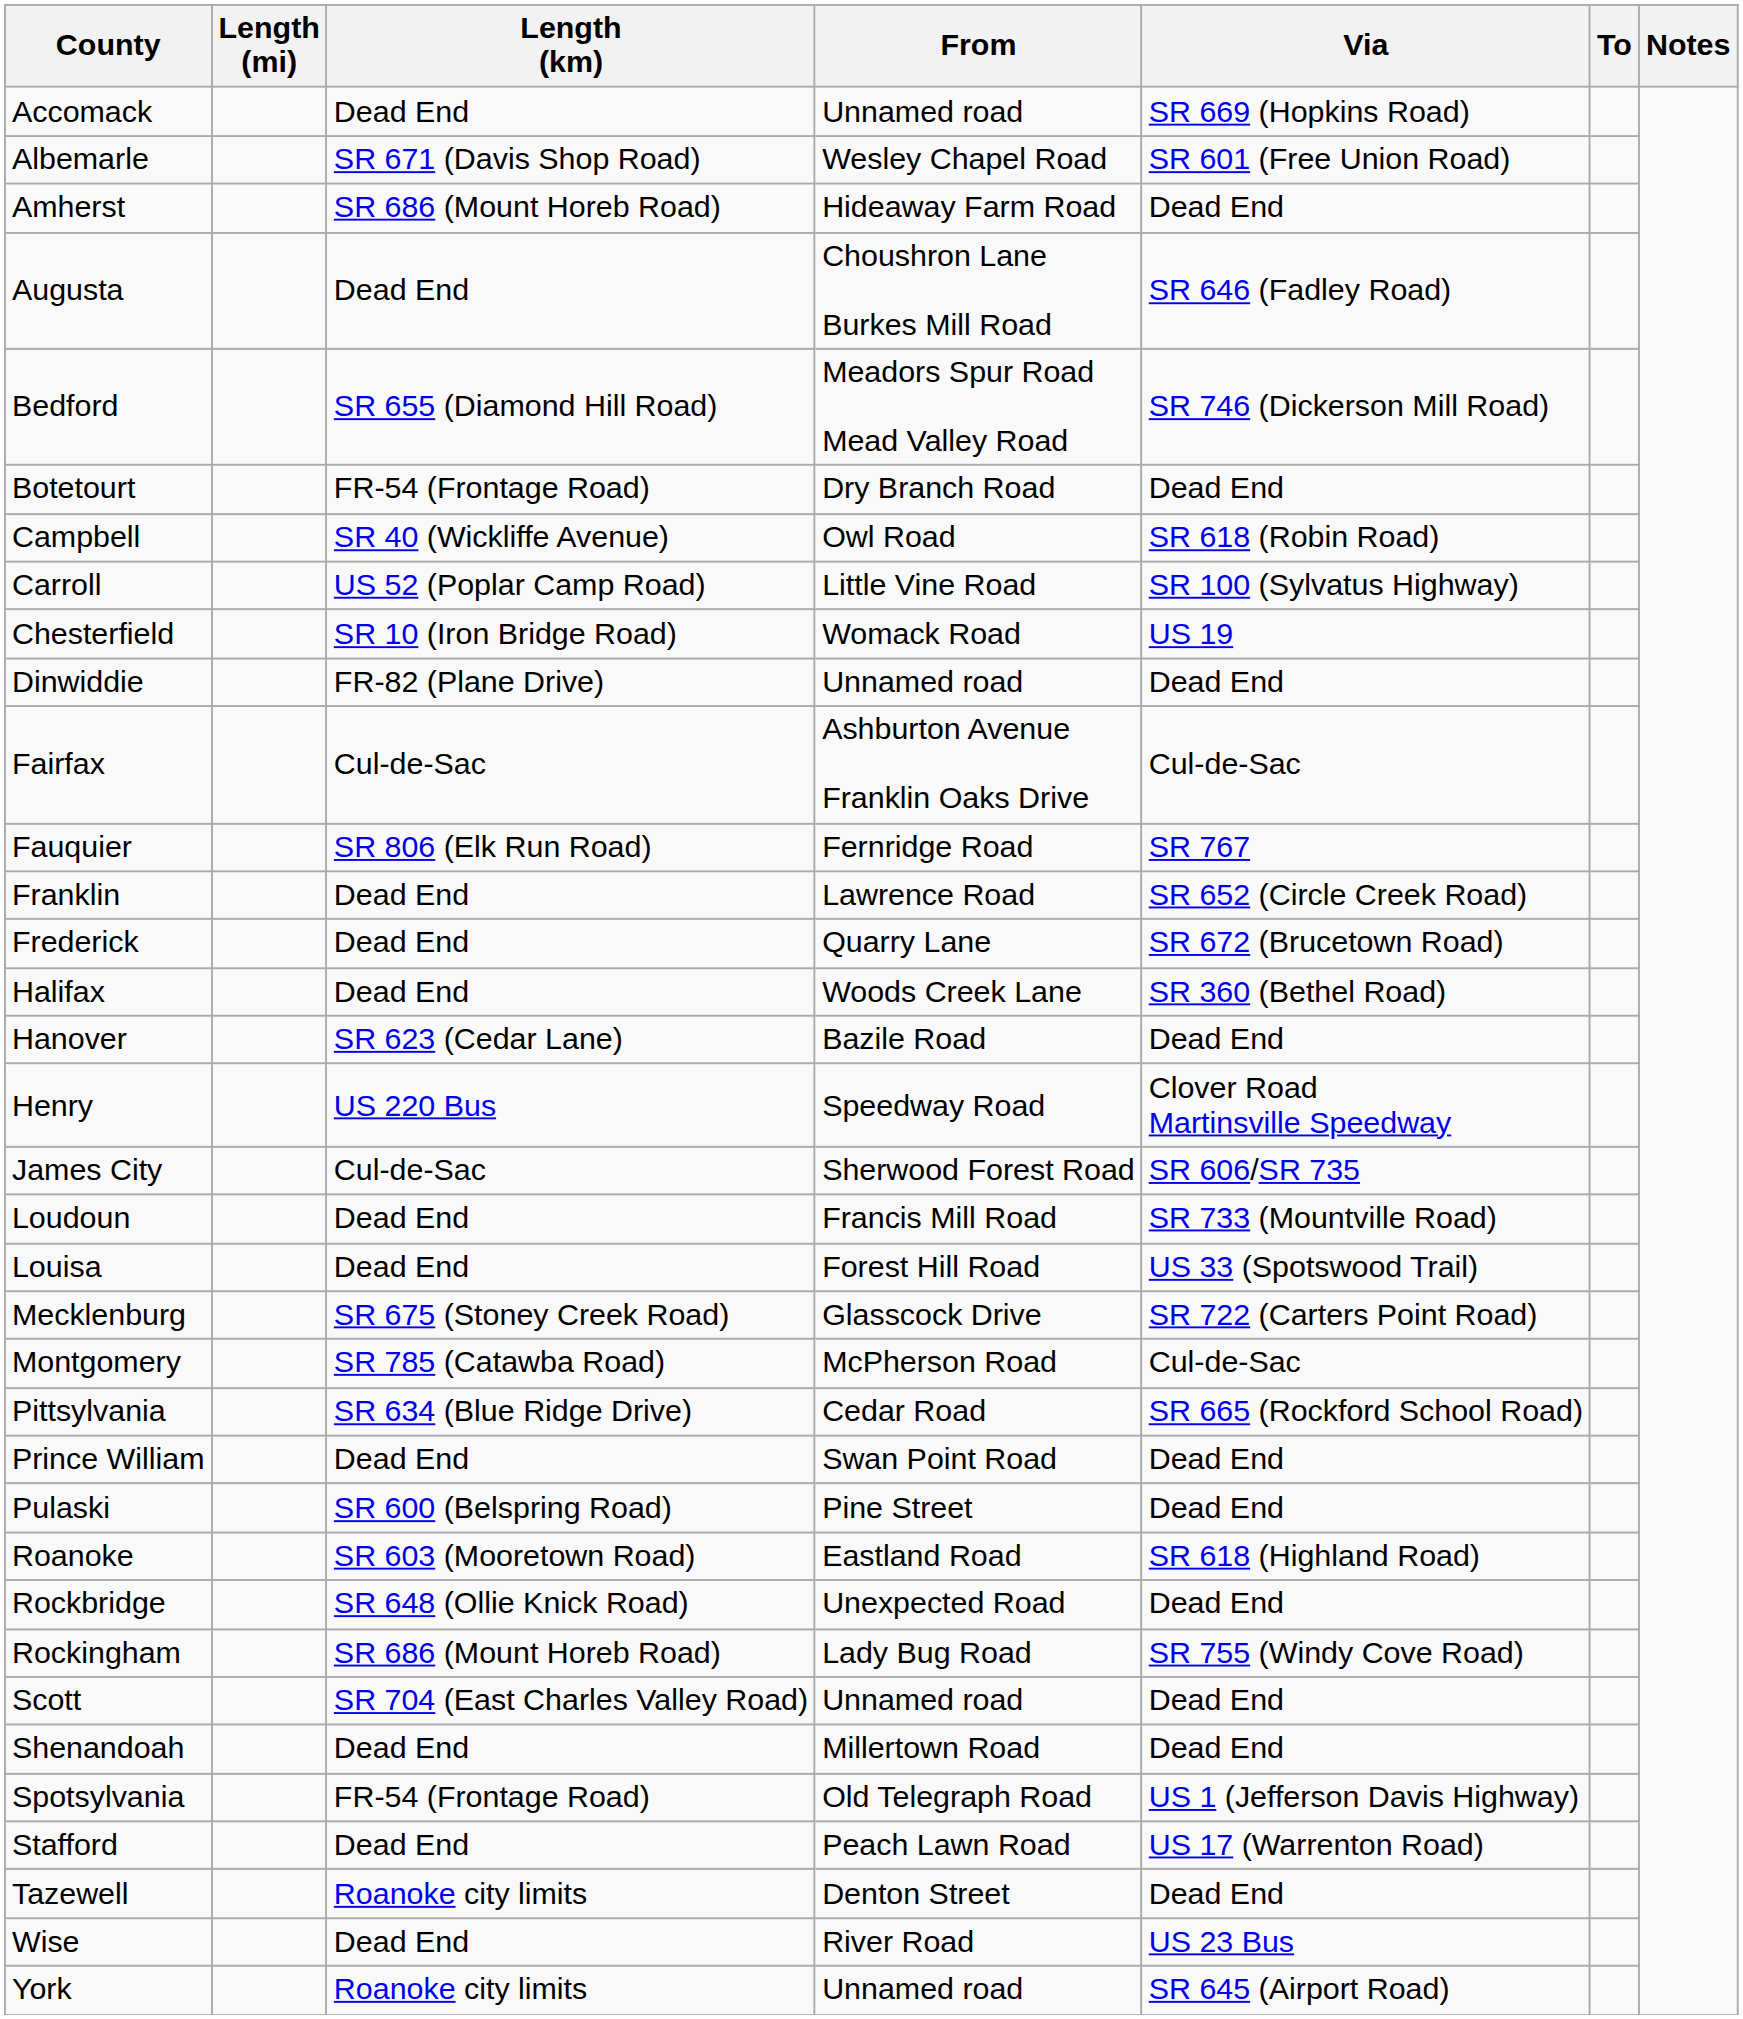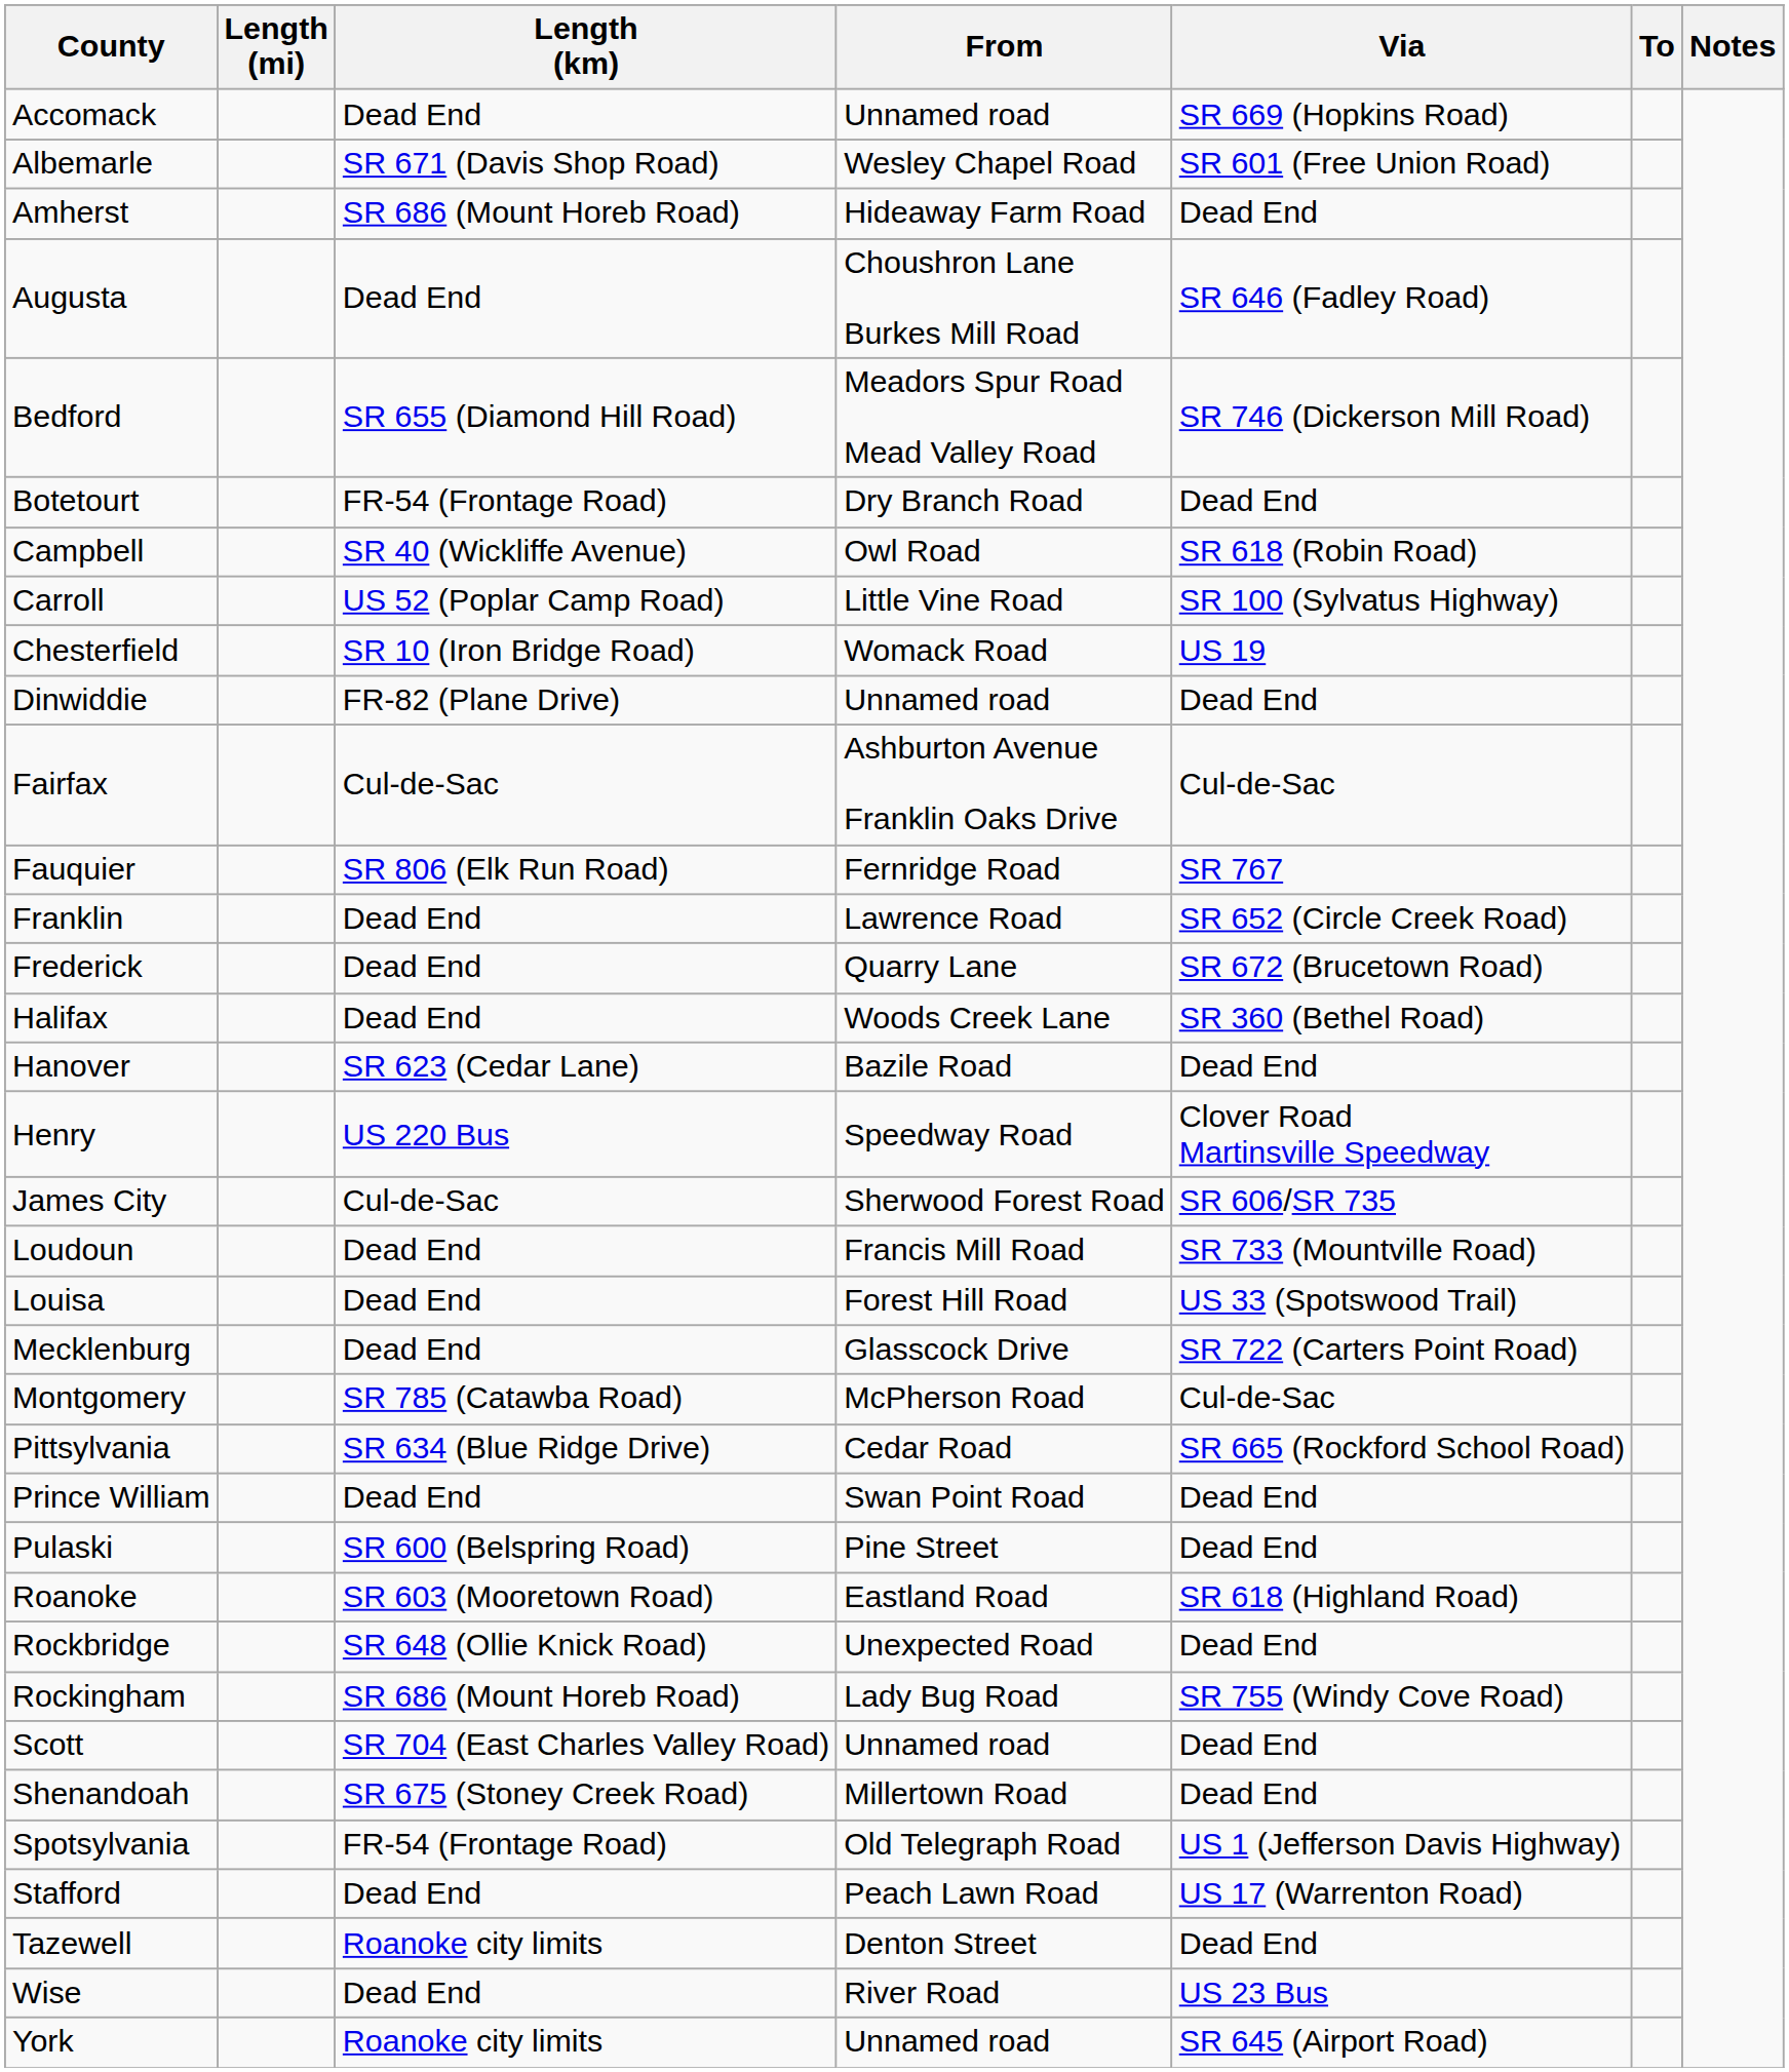 <table class="wikitable sortable">
 <tr>
 <th>County</th>
 <th>Length<br>(mi)</th>
 <th>Length<br>(km)</th>
 <th class="unsortable">From</th>
 <th class="unsortable">Via</th>
 <th class="unsortable">To</th>
 <th class="unsortable">Notes</th>
 </tr>
 <tr>
 <td id="Accomack">Accomack</td>
 <td></td>
 <td>Dead End</td>
 <td>Unnamed road</td>
 <td><a href='#'>SR 669</a> (Hopkins Road)</td>
 <td></td>
 </tr>
 <tr>
 <td id="Albemarle">Albemarle</td>
 <td></td>
 <td><a href='#'>SR 671</a> (Davis Shop Road)</td>
 <td>Wesley Chapel Road</td>
 <td><a href='#'>SR 601</a> (Free Union Road)</td>
 <td><br> </td>
 </tr>
 <tr>
 <td id="Amherst">Amherst</td>
 <td></td>
 <td><a href='#'>SR 686</a> (Mount Horeb Road)</td>
 <td>Hideaway Farm Road</td>
 <td>Dead End</td>
 <td><br> </td>
 </tr>
 <tr>
 <td id="Augusta">Augusta</td>
 <td></td>
 <td>Dead End</td>
 <td>Choushron Lane<br><br>Burkes Mill Road</td>
 <td><a href='#'>SR 646</a> (Fadley Road)</td>
 <td><br></td>
 </tr>
 <tr>
 <td id="Bedford">Bedford</td>
 <td></td>
 <td><a href='#'>SR 655</a> (Diamond Hill Road)</td>
 <td>Meadors Spur Road<br><br>Mead Valley Road</td>
 <td><a href='#'>SR 746</a> (Dickerson Mill Road)</td>
 <td><br></td>
 </tr>
 <tr>
 <td id="Botetourt">Botetourt</td>
 <td></td>
 <td>FR-54 (Frontage Road)</td>
 <td>Dry Branch Road</td>
 <td>Dead End</td>
 <td><br>  </td>
 </tr>
 <tr>
 <td id="Campbell">Campbell</td>
 <td></td>
 <td><a href='#'>SR 40</a> (Wickliffe Avenue)</td>
 <td>Owl Road</td>
 <td><a href='#'>SR 618</a> (Robin Road)</td>
 <td><br></td>
 </tr>
 <tr>
 <td id="Carroll">Carroll</td>
 <td></td>
 <td><a href='#'>US 52</a> (Poplar Camp Road)</td>
 <td>Little Vine Road</td>
 <td><a href='#'>SR 100</a> (Sylvatus Highway)</td>
 <td><br> </td>
 </tr>
 <tr>
 <td id="Chesterfield">Chesterfield</td>
 <td></td>
 <td><a href='#'>SR 10</a> (Iron Bridge Road)</td>
 <td>Womack Road</td>
 <td><a href='#'>US 19</a></td>
 <td><br>    </td>
 </tr>
 <tr>
 <td id="Dinwiddie">Dinwiddie</td>
 <td></td>
 <td>FR-82 (Plane Drive)</td>
 <td>Unnamed road</td>
 <td>Dead End</td>
 <td><br></td>
 </tr>
 <tr>
 <td id="Fairfax">Fairfax</td>
 <td></td>
 <td>Cul-de-Sac</td>
 <td>Ashburton Avenue<br><br>Franklin Oaks Drive</td>
 <td>Cul-de-Sac</td>
 <td></td>
 </tr>
 <tr>
 <td id="Fauquier">Fauquier</td>
 <td></td>
 <td><a href='#'>SR 806</a> (Elk Run Road)</td>
 <td>Fernridge Road</td>
 <td><a href='#'>SR 767</a></td>
 <td><br> </td>
 </tr>
 <tr>
 <td id="Franklin">Franklin</td>
 <td></td>
 <td>Dead End</td>
 <td>Lawrence Road</td>
 <td><a href='#'>SR 652</a> (Circle Creek Road)</td>
 <td></td>
 </tr>
 <tr>
 <td id="Frederick">Frederick</td>
 <td></td>
 <td>Dead End</td>
 <td>Quarry Lane</td>
 <td><a href='#'>SR 672</a> (Brucetown Road)</td>
 <td><br>     </td>
 </tr>
 <tr>
 <td id="Halifax">Halifax</td>
 <td></td>
 <td>Dead End</td>
 <td>Woods Creek Lane</td>
 <td><a href='#'>SR 360</a> (Bethel Road)</td>
 <td></td>
 </tr>
 <tr>
 <td id="Hanover">Hanover</td>
 <td></td>
 <td><a href='#'>SR 623</a> (Cedar Lane)</td>
 <td>Bazile Road</td>
 <td>Dead End</td>
 <td><br></td>
 </tr>
 <tr>
 <td id="Henry">Henry</td>
 <td></td>
 <td><a href='#'>US 220 Bus</a></td>
 <td>Speedway Road</td>
 <td>Clover Road <br> <a href='#'>Martinsville Speedway</a></td>
 <td><br> </td>
 </tr>
 <tr>
 <td id="James City">James City</td>
 <td></td>
 <td>Cul-de-Sac</td>
 <td>Sherwood Forest Road</td>
 <td><a href='#'>SR 606</a>/<a href='#'>SR 735</a></td>
 <td><br>    </td>
 </tr>
 <tr>
 <td id="Loudoun">Loudoun</td>
 <td></td>
 <td>Dead End</td>
 <td>Francis Mill Road</td>
 <td><a href='#'>SR 733</a> (Mountville Road)</td>
 <td></td>
 </tr>
 <tr>
 <td id="Louisa">Louisa</td>
 <td></td>
 <td>Dead End</td>
 <td>Forest Hill Road</td>
 <td><a href='#'>US 33</a> (Spotswood Trail)</td>
 <td><br>  </td>
 </tr>
 <tr>
 <td id="Mecklenburg">Mecklenburg</td>
 <td></td>
-<td><a href='#'>SR 675</a> (Stoney Creek Road)</td>
+<td>Dead End</td>
 <td>Glasscock Drive</td>
 <td><a href='#'>SR 722</a> (Carters Point Road)</td>
 <td><br></td>
 </tr>
 <tr>
 <td id="Montgomery">Montgomery</td>
 <td></td>
 <td><a href='#'>SR 785</a> (Catawba Road)</td>
 <td>McPherson Road</td>
 <td>Cul-de-Sac</td>
 <td><br>       </td>
 </tr>
 <tr>
 <td id="Pittsylvania">Pittsylvania</td>
 <td></td>
 <td><a href='#'>SR 634</a> (Blue Ridge Drive)</td>
 <td>Cedar Road</td>
 <td><a href='#'>SR 665</a> (Rockford School Road)</td>
 <td><br>  </td>
 </tr>
 <tr>
 <td id="Prince William">Prince William</td>
 <td></td>
 <td>Dead End</td>
 <td>Swan Point Road</td>
 <td>Dead End</td>
 <td></td>
 </tr>
 <tr>
 <td id="Pulaski">Pulaski</td>
 <td></td>
 <td><a href='#'>SR 600</a> (Belspring Road)</td>
 <td>Pine Street</td>
 <td>Dead End</td>
 <td><br> </td>
 </tr>
 <tr>
 <td id="Roanoke">Roanoke</td>
 <td></td>
 <td><a href='#'>SR 603</a> (Mooretown Road)</td>
 <td>Eastland Road</td>
 <td><a href='#'>SR 618</a> (Highland Road)</td>
 <td></td>
 </tr>
 <tr>
 <td id="Rockbridge">Rockbridge</td>
 <td></td>
 <td><a href='#'>SR 648</a> (Ollie Knick Road)</td>
 <td>Unexpected Road</td>
 <td>Dead End</td>
 <td></td>
 </tr>
 <tr>
 <td id="Rockingham">Rockingham</td>
 <td></td>
 <td><a href='#'>SR 686</a> (Mount Horeb Road)</td>
 <td>Lady Bug Road</td>
 <td><a href='#'>SR 755</a> (Windy Cove Road)</td>
 <td><br></td>
 </tr>
 <tr>
 <td id="Scott">Scott</td>
 <td></td>
 <td><a href='#'>SR 704</a> (East Charles Valley Road)</td>
 <td>Unnamed road</td>
 <td>Dead End</td>
 <td></td>
 </tr>
 <tr>
 <td id="Shenandoah">Shenandoah</td>
 <td></td>
-<td>Dead End</td>
+<td><a href='#'>SR 675</a> (Stoney Creek Road)</td>
 <td>Millertown Road</td>
 <td>Dead End</td>
 <td><br> </td>
 </tr>
 <tr>
 <td id="Spotsylvania">Spotsylvania</td>
 <td></td>
 <td>FR-54 (Frontage Road)</td>
 <td>Old Telegraph Road</td>
 <td><a href='#'>US 1</a> (Jefferson Davis Highway)</td>
 <td></td>
 </tr>
 <tr>
 <td id="Stafford">Stafford</td>
 <td></td>
 <td>Dead End</td>
 <td>Peach Lawn Road</td>
 <td><a href='#'>US 17</a> (Warrenton Road)</td>
 <td><br> </td>
 </tr>
 <tr>
 <td id="Tazewell">Tazewell</td>
 <td></td>
 <td><a href='#'>Roanoke</a> city limits</td>
 <td>Denton Street</td>
 <td>Dead End</td>
 <td><br>  </td>
 </tr>
 <tr>
 <td id="Wise">Wise</td>
 <td></td>
 <td>Dead End</td>
 <td>River Road</td>
 <td><a href='#'>US 23 Bus</a></td>
 <td><br></td>
 </tr>
 <tr>
 <td id="York">York</td>
 <td></td>
 <td><a href='#'>Roanoke</a> city limits</td>
 <td>Unnamed road</td>
 <td><a href='#'>SR 645</a> (Airport Road)</td>
 <td></td>
 </tr>
 </table>
